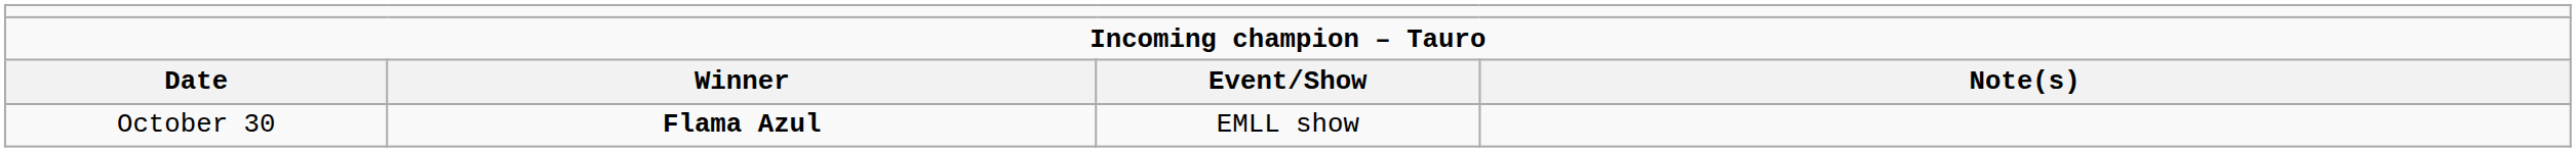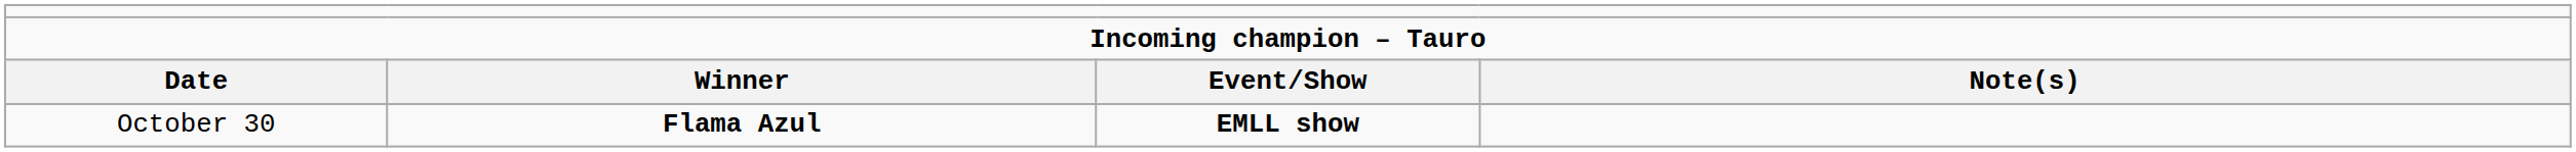 <table class="wikitable" style="text-align:center; width:100%;">
 <tr>
 <td colspan=5></td>
 </tr>
 <tr>
 <td colspan=5><strong>Incoming champion – Tauro</strong></td>
 </tr>
 <tr>
 <th width=14%>Date</th>
 <th width=26%>Winner</th>
 <th width=14%>Event/Show</th>
 <th width=40%>Note(s)</th>
 </tr>
 <tr>
 <td>October 30</td>
 <td><strong>Flama Azul</strong></td>
-<td>EMLL show</td>
+<td><strong>EMLL show</strong></td>
 <td></td>
 </tr>
 </table>
